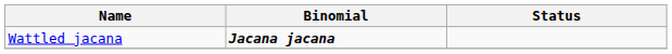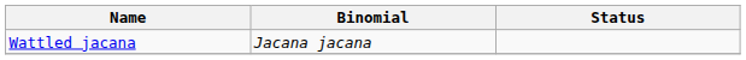 <table width=72% class="wikitable">
 <tr>
 <th width=24%>Name</th>
 <th width=24%>Binomial</th>
 <th width=24%>Status</th>
 </tr>
 <tr>
 <td><a href='#'>Wattled jacana</a></td>
-<td><strong><em>Jacana jacana</em></strong></td>
+<td><em>Jacana jacana</em></td>
 <td></td>
 </tr>
 <tr>
 </tr>
 </table>
